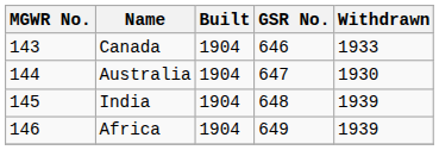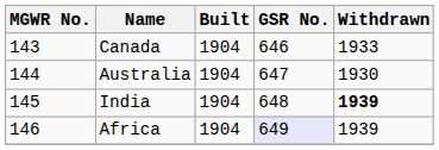 <table class="wikitable">
 <tr>
 <th>MGWR No.</th>
 <th>Name</th>
 <th>Built</th>
 <th>GSR No.</th>
 <th>Withdrawn</th>
 </tr>
 <tr>
 <td>143</td>
 <td>Canada</td>
 <td>1904</td>
 <td>646</td>
 <td>1933</td>
 </tr>
 <tr>
 <td>144</td>
 <td>Australia</td>
 <td>1904</td>
 <td>647</td>
 <td>1930</td>
 </tr>
 <tr>
 <td>145</td>
 <td>India</td>
 <td>1904</td>
 <td>648</td>
-<td>1939</td>
+<td><strong>1939</strong></td>
 </tr>
 <tr>
 <td>146</td>
 <td>Africa</td>
 <td>1904</td>
-<td>649</td>
+<td style="background: lavender;">649</td>
 <td>1939</td>
 </tr>
 <tr>
 </tr>
 </table>
